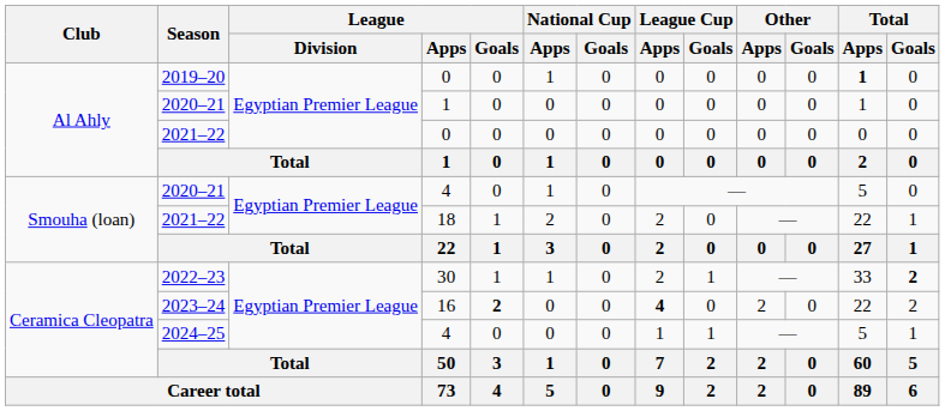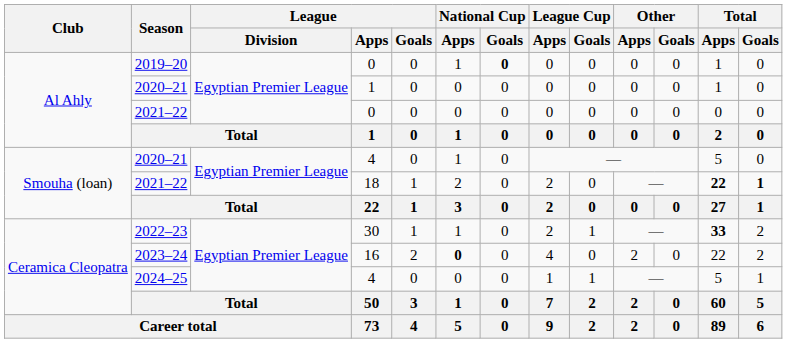 <table class=wikitable style=text-align:center>
 <tr>
 <th rowspan="2">Club</th>
 <th rowspan="2">Season</th>
 <th colspan="3">League</th>
 <th colspan="2">National Cup</th>
 <th colspan="2">League Cup</th>
 <th colspan="2">Other</th>
 <th colspan="2">Total</th>
 </tr>
 <tr>
 <th>Division</th>
 <th>Apps</th>
 <th>Goals</th>
 <th>Apps</th>
 <th>Goals</th>
 <th>Apps</th>
 <th>Goals</th>
 <th>Apps</th>
 <th>Goals</th>
 <th>Apps</th>
 <th>Goals</th>
 </tr>
 <tr>
 <td rowspan="4"><a href='#'>Al Ahly</a></td>
 <td><a href='#'>2019–20</a></td>
 <td rowspan="3"><a href='#'>Egyptian Premier League</a></td>
 <td>0</td>
 <td>0</td>
 <td>1</td>
+<td><strong>0</strong></td>
 <td>0</td>
 <td>0</td>
 <td>0</td>
 <td>0</td>
-<td>0</td>
-<td><strong>1</strong></td>
+<td>1</td>
 <td>0</td>
 </tr>
 <tr>
 <td><a href='#'>2020–21</a></td>
 <td>1</td>
 <td>0</td>
 <td>0</td>
 <td>0</td>
 <td>0</td>
 <td>0</td>
 <td>0</td>
 <td>0</td>
 <td>1</td>
 <td>0</td>
 </tr>
 <tr>
 <td><a href='#'>2021–22</a></td>
 <td>0</td>
 <td>0</td>
 <td>0</td>
 <td>0</td>
 <td>0</td>
 <td>0</td>
 <td>0</td>
 <td>0</td>
 <td>0</td>
 <td>0</td>
 </tr>
 <tr>
 <th colspan="2">Total</th>
 <th>1</th>
 <th>0</th>
 <th>1</th>
 <th>0</th>
 <th>0</th>
 <th>0</th>
 <th>0</th>
 <th>0</th>
 <th>2</th>
 <th>0</th>
 </tr>
 <tr>
 <td rowspan="3"><a href='#'>Smouha</a> (loan)</td>
 <td><a href='#'>2020–21</a></td>
 <td rowspan="2"><a href='#'>Egyptian Premier League</a></td>
 <td>4</td>
 <td>0</td>
 <td>1</td>
 <td>0</td>
 <td rowspan=1 colspan="4">—</td>
 <td>5</td>
 <td>0</td>
 </tr>
 <tr>
 <td><a href='#'>2021–22</a></td>
 <td>18</td>
 <td>1</td>
 <td>2</td>
 <td>0</td>
 <td>2</td>
 <td>0</td>
 <td colspan="2">—</td>
-<td>22</td>
-<td>1</td>
+<td><strong>22</strong></td>
+<td><strong>1</strong></td>
 </tr>
 <tr>
 <th colspan="2">Total</th>
 <th>22</th>
 <th>1</th>
 <th>3</th>
 <th>0</th>
 <th>2</th>
 <th>0</th>
 <th>0</th>
 <th>0</th>
 <th>27</th>
 <th>1</th>
 </tr>
 <tr>
 <td rowspan="4"><a href='#'>Ceramica Cleopatra</a></td>
 <td><a href='#'>2022–23</a></td>
 <td rowspan="3"><a href='#'>Egyptian Premier League</a></td>
 <td>30</td>
 <td>1</td>
 <td>1</td>
 <td>0</td>
 <td>2</td>
 <td>1</td>
 <td colspan="2">—</td>
-<td>33</td>
-<td><strong>2</strong></td>
+<td><strong>33</strong></td>
+<td>2</td>
 </tr>
 <tr>
 <td><a href='#'>2023–24</a></td>
 <td>16</td>
-<td><strong>2</strong></td>
+<td>2</td>
+<td><strong>0</strong></td>
 <td>0</td>
-<td>0</td>
-<td><strong>4</strong></td>
+<td>4</td>
 <td>0</td>
 <td>2</td>
 <td>0</td>
 <td>22</td>
 <td>2</td>
 </tr>
 <tr>
 <td><a href='#'>2024–25</a></td>
 <td>4</td>
 <td>0</td>
 <td>0</td>
 <td>0</td>
 <td>1</td>
 <td>1</td>
 <td colspan="2">—</td>
 <td>5</td>
 <td>1</td>
 </tr>
 <tr>
 <th colspan="2">Total</th>
 <th>50</th>
 <th>3</th>
 <th>1</th>
 <th>0</th>
 <th>7</th>
 <th>2</th>
 <th>2</th>
 <th>0</th>
 <th>60</th>
 <th>5</th>
 </tr>
 <tr>
 <th colspan="3">Career total</th>
 <th>73</th>
 <th>4</th>
 <th>5</th>
 <th>0</th>
 <th>9</th>
 <th>2</th>
 <th>2</th>
 <th>0</th>
 <th>89</th>
 <th>6</th>
 </tr>
 </table>
